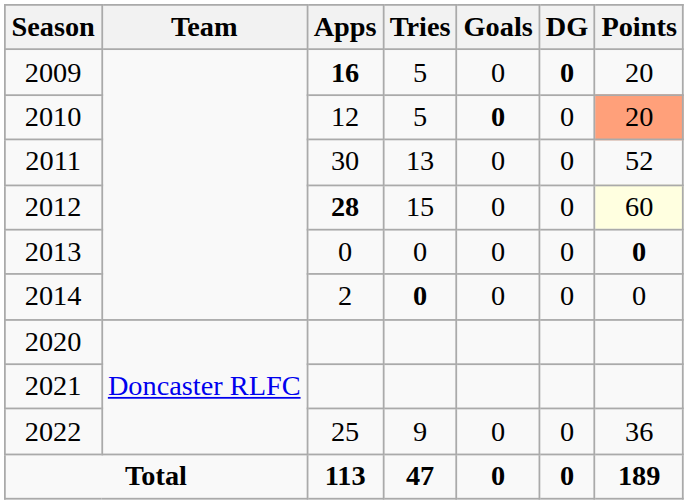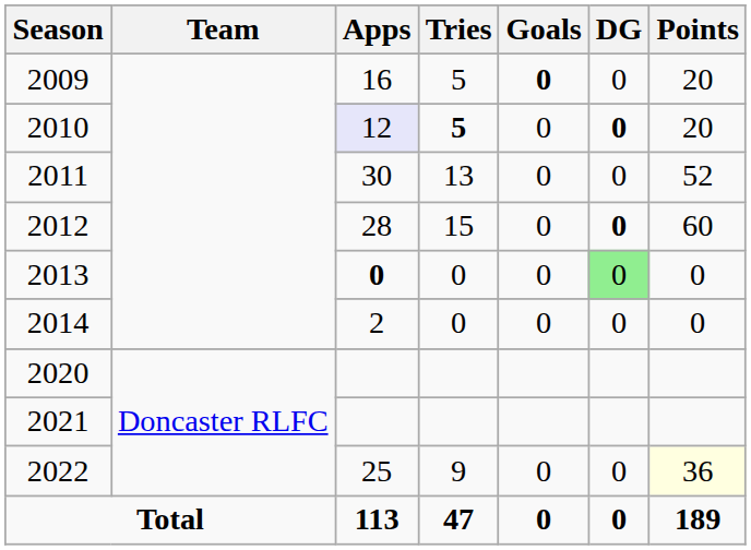 <table class="wikitable" style="text-align:center;">
 <tr>
 <th>Season</th>
 <th>Team</th>
 <th>Apps</th>
 <th>Tries</th>
 <th>Goals</th>
 <th>DG</th>
 <th>Points</th>
 </tr>
 <tr>
 <td>2009</td>
 <td rowspan="6"></td>
-<td><strong>16</strong></td>
+<td>16</td>
 <td>5</td>
+<td><strong>0</strong></td>
 <td>0</td>
-<td><strong>0</strong></td>
 <td>20</td>
 </tr>
 <tr>
 <td>2010</td>
-<td>12</td>
-<td>5</td>
+<td style="background: lavender;">12</td>
+<td><strong>5</strong></td>
+<td>0</td>
 <td><strong>0</strong></td>
-<td>0</td>
-<td style="background: lightsalmon;">20</td>
+<td>20</td>
 </tr>
 <tr>
 <td>2011</td>
 <td>30</td>
 <td>13</td>
 <td>0</td>
 <td>0</td>
 <td>52</td>
 </tr>
 <tr>
 <td>2012</td>
-<td><strong>28</strong></td>
+<td>28</td>
 <td>15</td>
 <td>0</td>
-<td>0</td>
-<td style="background: lightyellow;">60</td>
+<td><strong>0</strong></td>
+<td>60</td>
 </tr>
 <tr>
 <td>2013</td>
+<td><strong>0</strong></td>
 <td>0</td>
 <td>0</td>
+<td style="background: lightgreen;">0</td>
 <td>0</td>
-<td>0</td>
-<td><strong>0</strong></td>
 </tr>
 <tr>
 <td>2014</td>
 <td>2</td>
-<td><strong>0</strong></td>
+<td>0</td>
 <td>0</td>
 <td>0</td>
 <td>0</td>
 </tr>
 <tr>
 <td>2020</td>
 <td rowspan="3"><a href='#'>Doncaster RLFC</a></td>
 <td></td>
 <td></td>
 <td></td>
 <td></td>
 <td></td>
 </tr>
 <tr>
 <td>2021</td>
 <td></td>
 <td></td>
 <td></td>
 <td></td>
 <td></td>
 </tr>
 <tr>
 <td>2022</td>
 <td>25</td>
 <td>9</td>
 <td>0</td>
 <td>0</td>
-<td>36</td>
+<td style="background: lightyellow;">36</td>
 </tr>
 <tr>
 <td colspan="2"><strong>Total</strong></td>
 <td><strong>113</strong></td>
 <td><strong>47</strong></td>
 <td><strong>0</strong></td>
 <td><strong>0</strong></td>
 <td><strong>189</strong></td>
 </tr>
 </table>
